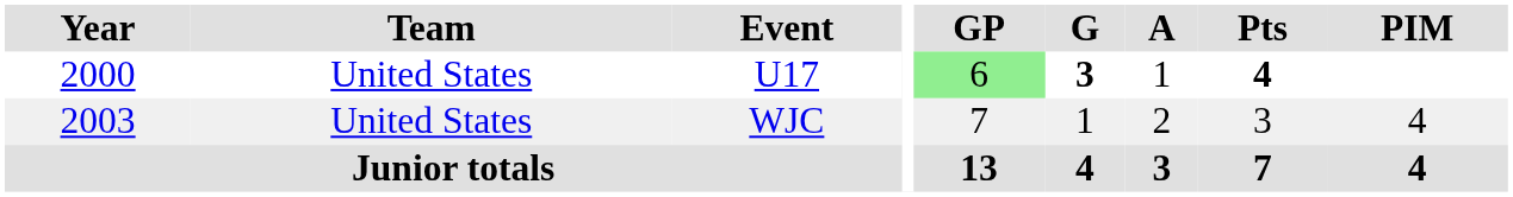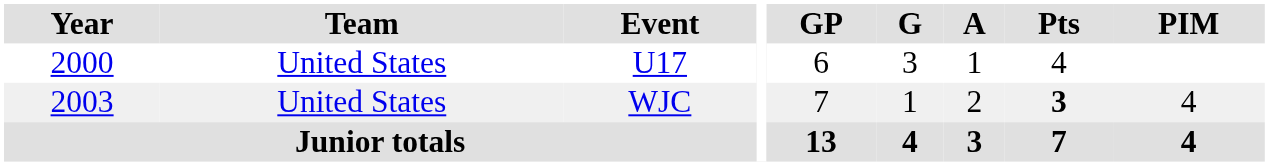 <table border="0" cellpadding="1" cellspacing="0" ID="Table3" style="text-align:center; width:40em">
 <tr ALIGN="center" bgcolor="#e0e0e0">
 <th>Year</th>
 <th>Team</th>
 <th>Event</th>
 <th rowspan="99" bgcolor="#ffffff"></th>
 <th>GP</th>
 <th>G</th>
 <th>A</th>
 <th>Pts</th>
 <th>PIM</th>
 </tr>
 <tr>
 <td><a href='#'>2000</a></td>
 <td><a href='#'>United States</a></td>
 <td><a href='#'>U17</a></td>
-<td style="background: lightgreen;">6</td>
-<td><strong>3</strong></td>
+<td>6</td>
+<td>3</td>
 <td>1</td>
-<td><strong>4</strong></td>
+<td>4</td>
 <td></td>
 </tr>
 <tr bgcolor="#f0f0f0">
 <td><a href='#'>2003</a></td>
 <td><a href='#'>United States</a></td>
 <td><a href='#'>WJC</a></td>
 <td>7</td>
 <td>1</td>
 <td>2</td>
-<td>3</td>
+<td><strong>3</strong></td>
 <td>4</td>
 </tr>
 <tr bgcolor="#e0e0e0">
 <th colspan="3">Junior totals</th>
 <th>13</th>
 <th>4</th>
 <th>3</th>
 <th>7</th>
 <th>4</th>
 </tr>
 </table>
